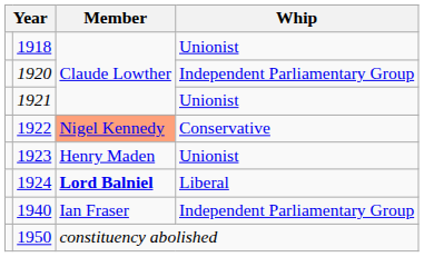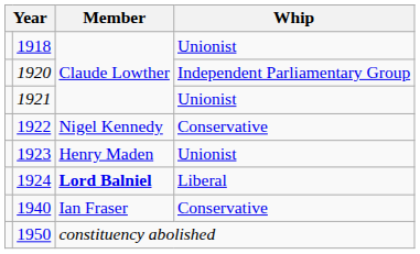 <table class="wikitable">
 <tr>
 <th colspan=2>Year</th>
 <th>Member</th>
 <th>Whip</th>
 </tr>
 <tr>
 <td style="color:inherit;background-color: "></td>
 <td><a href='#'>1918</a></td>
 <td rowspan="3"><a href='#'>Claude Lowther</a></td>
 <td><a href='#'>Unionist</a></td>
 </tr>
 <tr>
 <td style="color:inherit;background-color: "></td>
 <td><em>1920</em></td>
 <td><a href='#'>Independent Parliamentary Group</a></td>
 </tr>
 <tr>
 <td style="color:inherit;background-color: "></td>
 <td><em>1921</em></td>
 <td><a href='#'>Unionist</a></td>
 </tr>
 <tr>
 <td style="color:inherit;background-color: "></td>
 <td><a href='#'>1922</a></td>
-<td style="background: lightsalmon;"><a href='#'>Nigel Kennedy</a></td>
+<td><a href='#'>Nigel Kennedy</a></td>
 <td><a href='#'>Conservative</a></td>
 </tr>
 <tr>
 <td style="color:inherit;background-color: "></td>
 <td><a href='#'>1923</a></td>
 <td><a href='#'>Henry Maden</a></td>
 <td><a href='#'>Unionist</a></td>
 </tr>
 <tr>
 <td style="color:inherit;background-color: "></td>
 <td><a href='#'>1924</a></td>
 <td><strong><a href='#'>Lord Balniel</a></strong></td>
 <td><a href='#'>Liberal</a></td>
 </tr>
 <tr>
 <td style="color:inherit;background-color: "></td>
 <td><a href='#'>1940</a></td>
 <td><a href='#'>Ian Fraser</a></td>
-<td><a href='#'>Independent Parliamentary Group</a></td>
+<td><a href='#'>Conservative</a></td>
 </tr>
 <tr>
 <td></td>
 <td><a href='#'>1950</a></td>
 <td colspan="2"><em>constituency abolished</em></td>
 </tr>
 </table>
